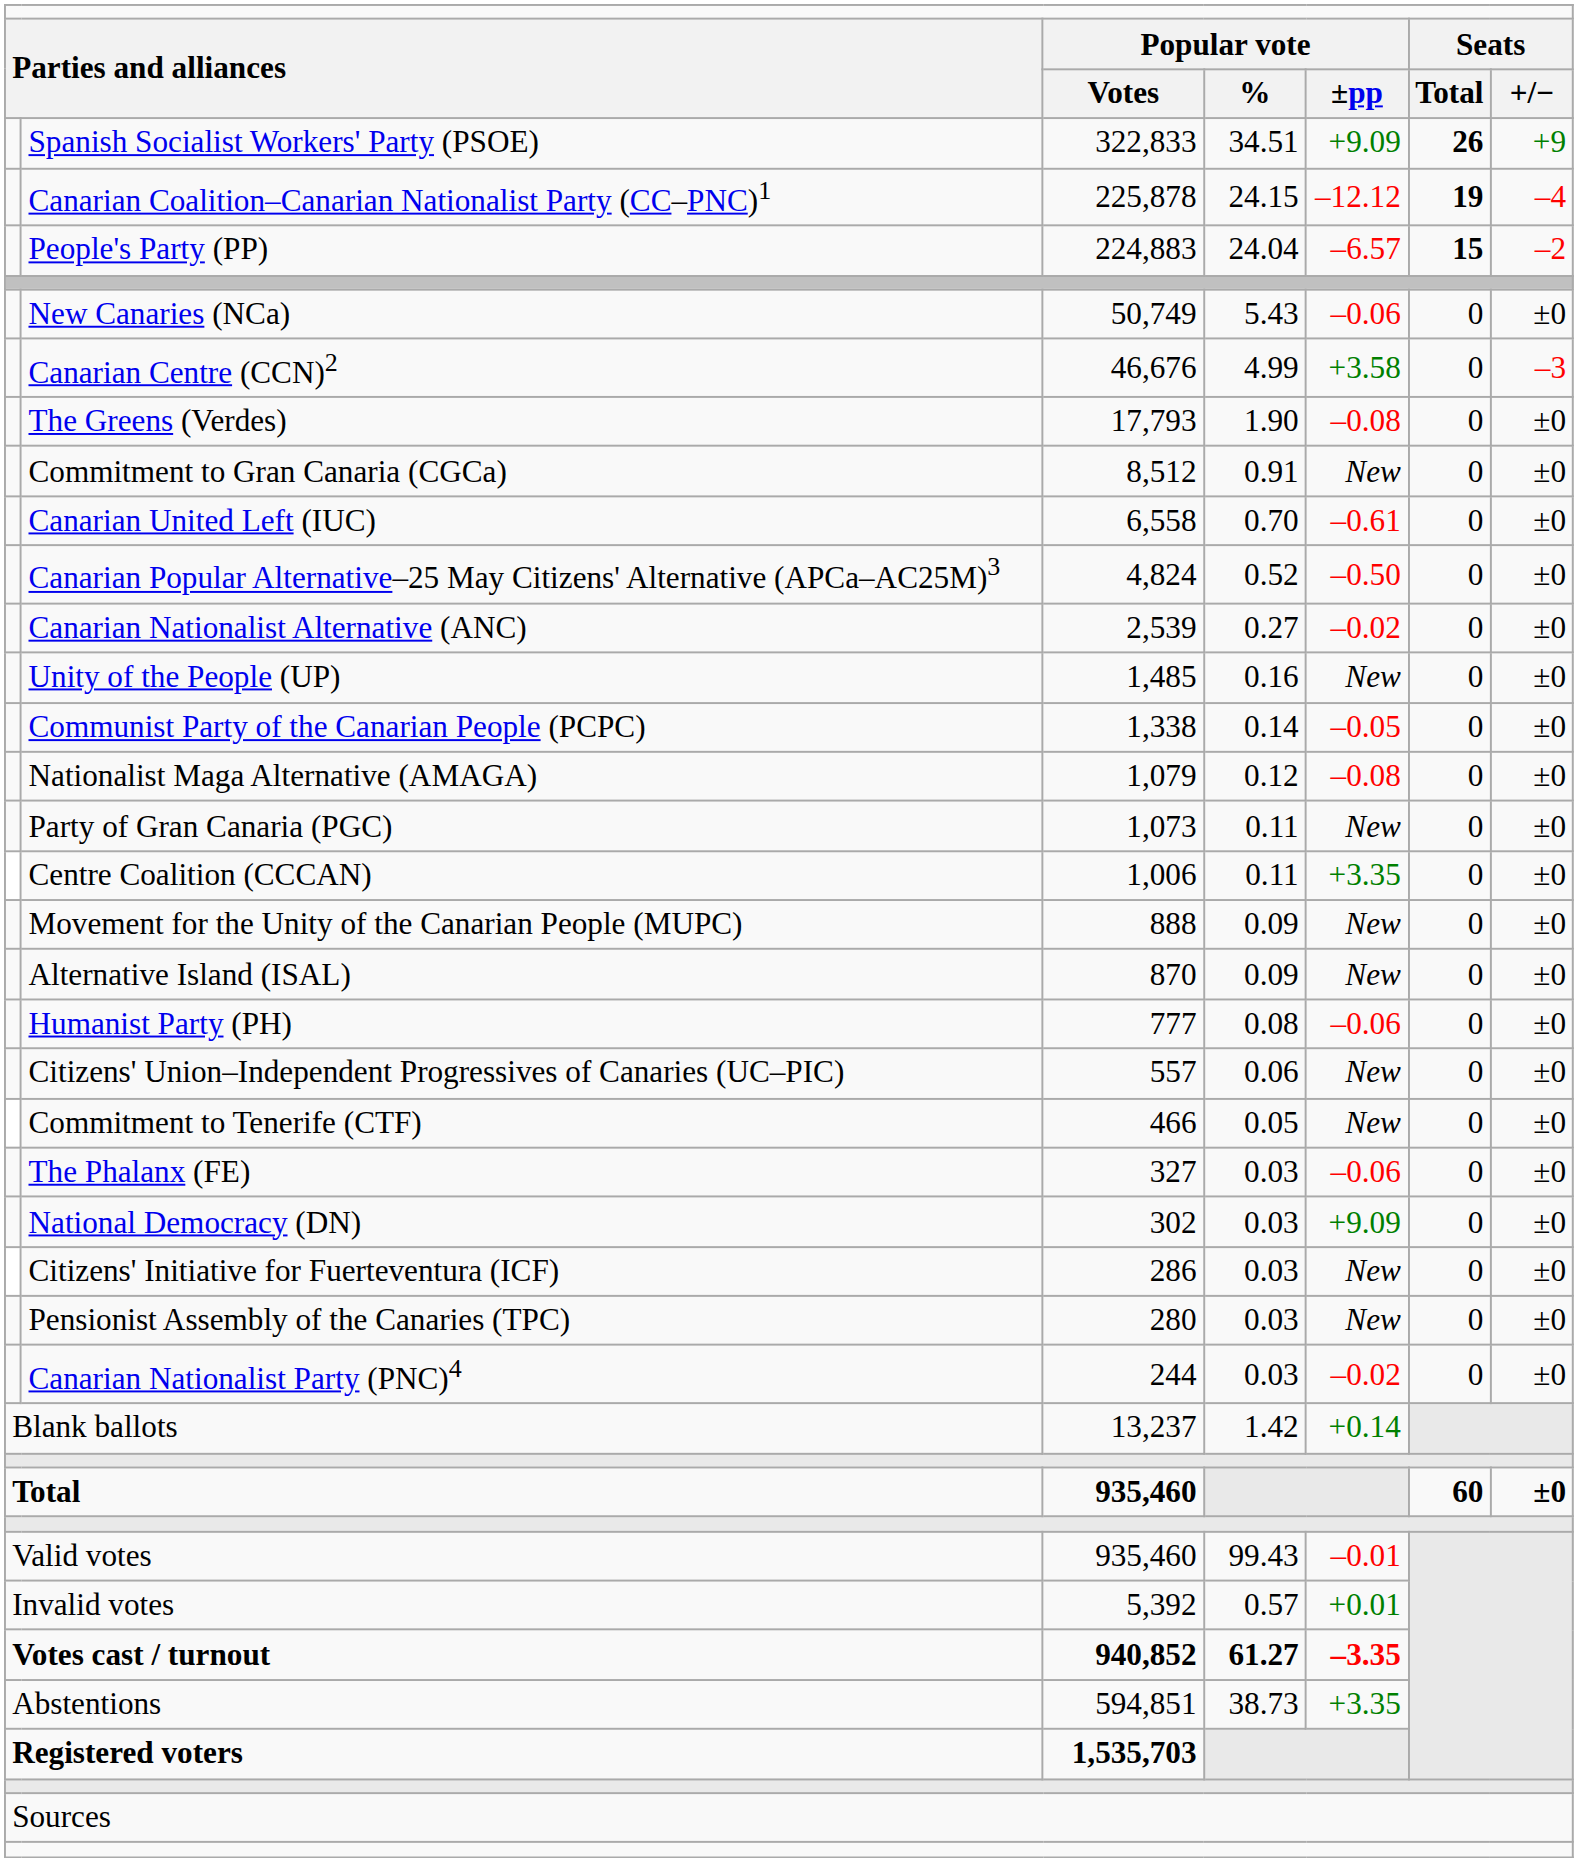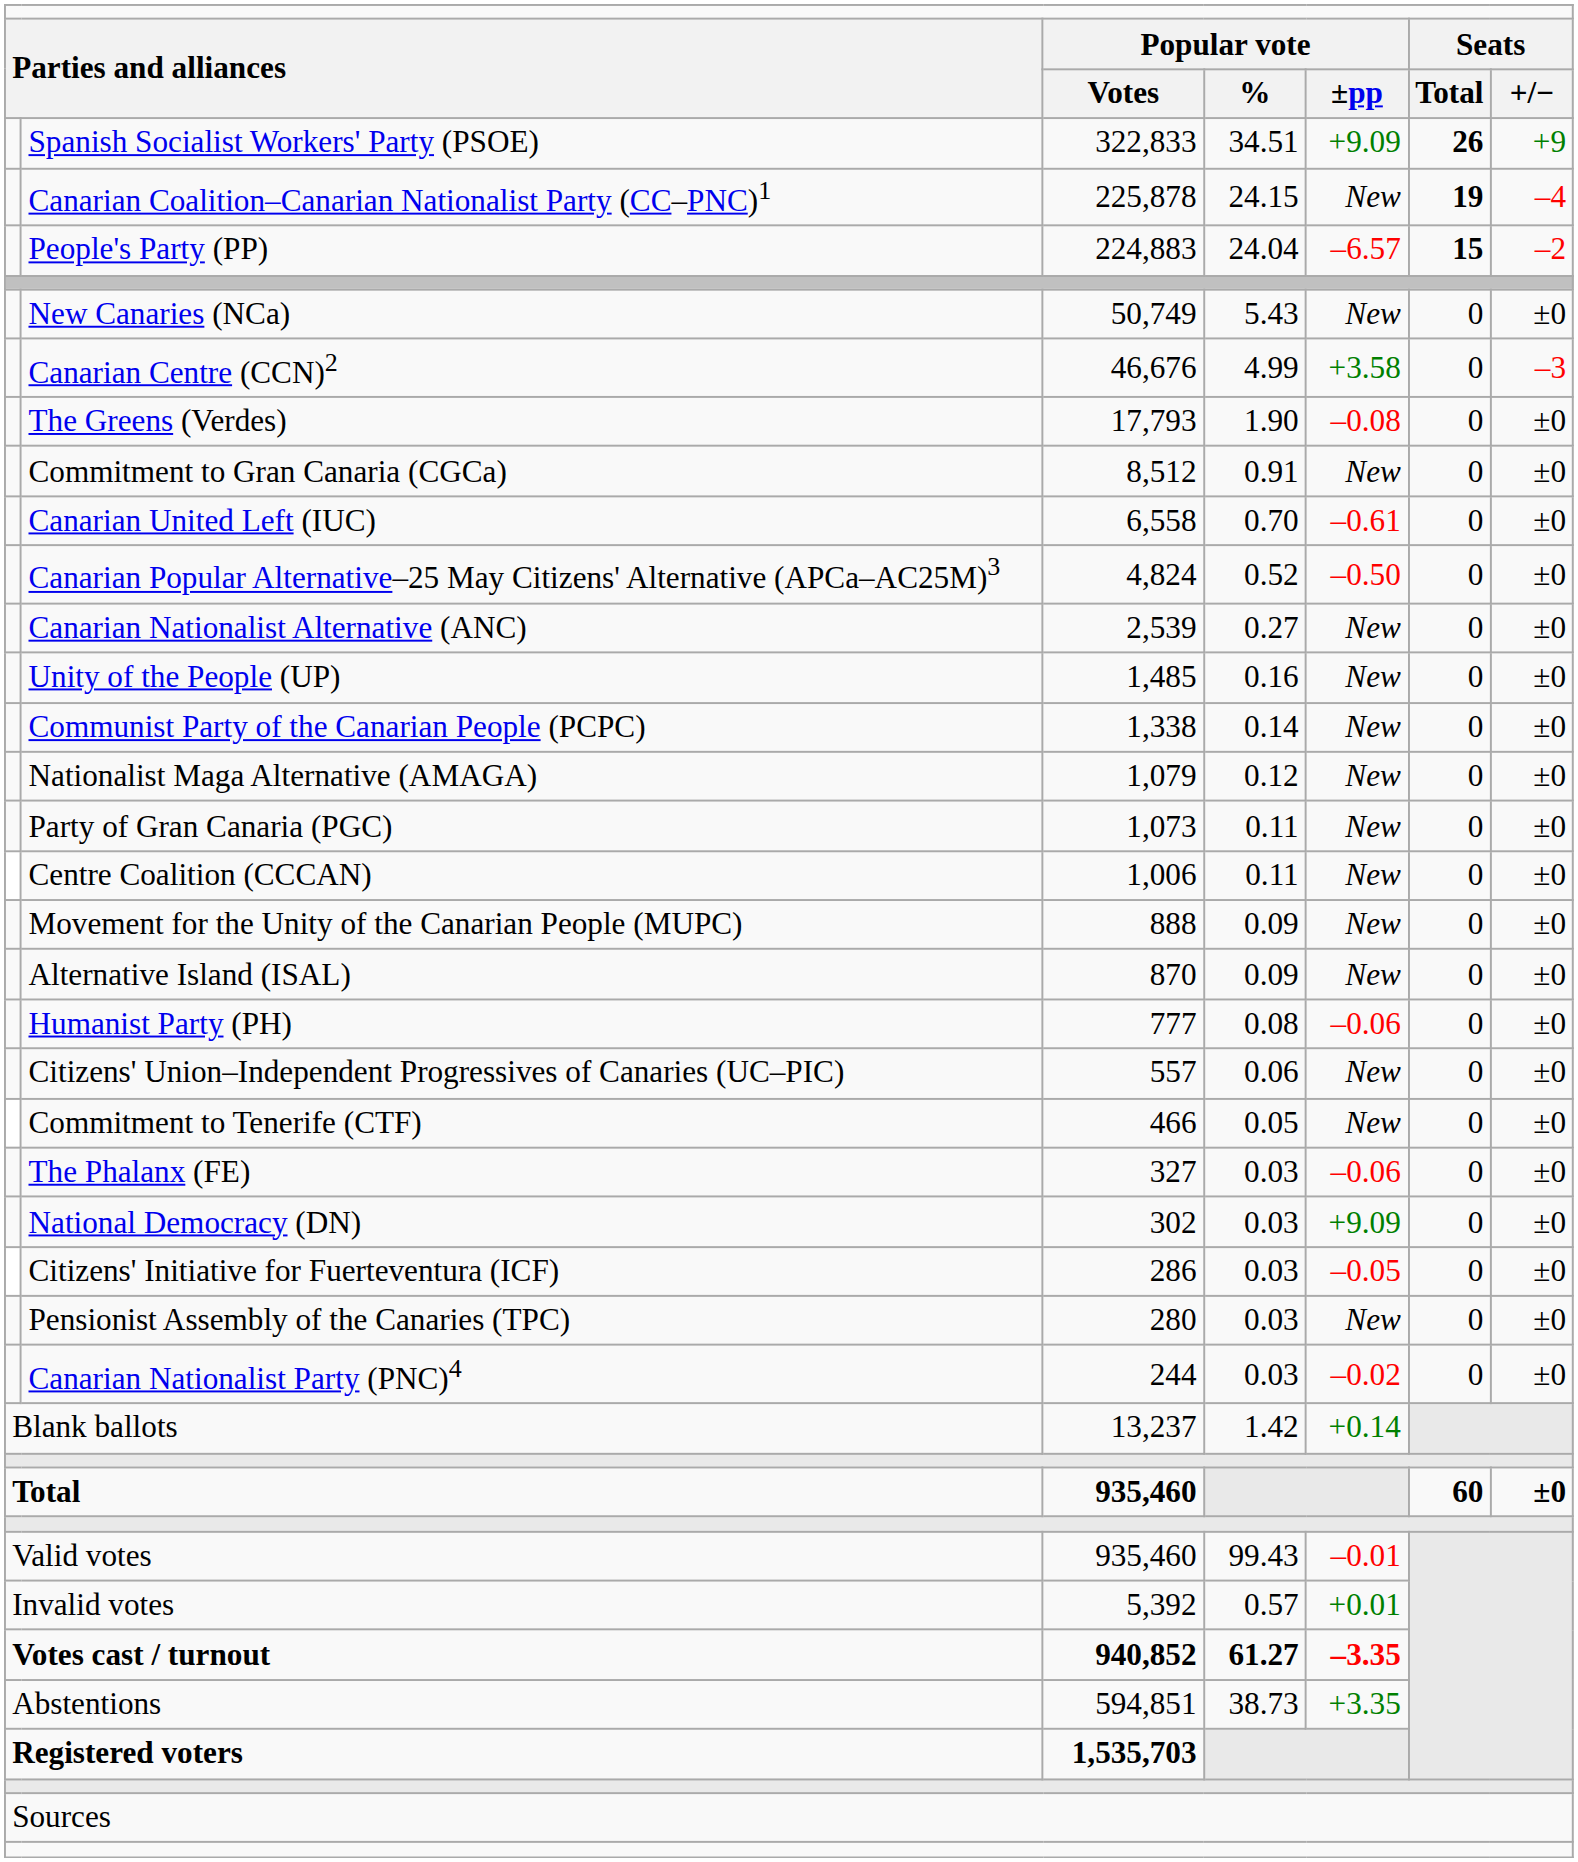 <table class="wikitable" style="text-align:right;">
 <tr>
 <td colspan="7"></td>
 </tr>
 <tr>
 <th style="text-align:left;" rowspan="2" colspan="2" width="525">Parties and alliances</th>
 <th colspan="3">Popular vote</th>
 <th colspan="2">Seats</th>
 </tr>
 <tr>
 <th width="75">Votes</th>
 <th width="45">%</th>
 <th width="45">±<a href='#'>pp</a></th>
 <th width="35">Total</th>
 <th width="35">+/−</th>
 </tr>
 <tr>
 <td width="1" style="color:inherit;background:"></td>
 <td align="left"><a href='#'>Spanish Socialist Workers' Party</a> (PSOE)</td>
 <td>322,833</td>
 <td>34.51</td>
 <td style="color:green;">+9.09</td>
 <td><strong>26</strong></td>
 <td style="color:green;">+9</td>
 </tr>
 <tr>
 <td style="color:inherit;background:"></td>
 <td align="left"><a href='#'>Canarian Coalition–Canarian Nationalist Party</a> (<a href='#'>CC</a>–<a href='#'>PNC</a>)<sup>1</sup></td>
 <td>225,878</td>
 <td>24.15</td>
-<td style="color:red;">–12.12</td>
+<td><em>New</em></td>
 <td><strong>19</strong></td>
 <td style="color:red;">–4</td>
 </tr>
 <tr>
 <td style="color:inherit;background:"></td>
 <td align="left"><a href='#'>People's Party</a> (PP)</td>
 <td>224,883</td>
 <td>24.04</td>
 <td style="color:red;">–6.57</td>
 <td><strong>15</strong></td>
 <td style="color:red;">–2</td>
 </tr>
 <tr>
 <td colspan="7" bgcolor="#C0C0C0"></td>
 </tr>
 <tr>
 <td style="color:inherit;background:"></td>
 <td align="left"><a href='#'>New Canaries</a> (NCa)</td>
 <td>50,749</td>
 <td>5.43</td>
-<td style="color:red;">–0.06</td>
+<td><em>New</em></td>
 <td>0</td>
 <td>±0</td>
 </tr>
 <tr>
 <td style="color:inherit;background:"></td>
 <td align="left"><a href='#'>Canarian Centre</a> (CCN)<sup>2</sup></td>
 <td>46,676</td>
 <td>4.99</td>
 <td style="color:green;">+3.58</td>
 <td>0</td>
 <td style="color:red;">–3</td>
 </tr>
 <tr>
 <td style="color:inherit;background:"></td>
 <td align="left"><a href='#'>The Greens</a> (Verdes)</td>
 <td>17,793</td>
 <td>1.90</td>
 <td style="color:red;">–0.08</td>
 <td>0</td>
 <td>±0</td>
 </tr>
 <tr>
 <td style="color:inherit;background:"></td>
 <td align="left">Commitment to Gran Canaria (CGCa)</td>
 <td>8,512</td>
 <td>0.91</td>
 <td><em>New</em></td>
 <td>0</td>
 <td>±0</td>
 </tr>
 <tr>
 <td style="color:inherit;background:"></td>
 <td align="left"><a href='#'>Canarian United Left</a> (IUC)</td>
 <td>6,558</td>
 <td>0.70</td>
 <td style="color:red;">–0.61</td>
 <td>0</td>
 <td>±0</td>
 </tr>
 <tr>
 <td style="color:inherit;background:"></td>
 <td align="left"><a href='#'>Canarian Popular Alternative</a>–25 May Citizens' Alternative (APCa–AC25M)<sup>3</sup></td>
 <td>4,824</td>
 <td>0.52</td>
 <td style="color:red;">–0.50</td>
 <td>0</td>
 <td>±0</td>
 </tr>
 <tr>
 <td style="color:inherit;background:"></td>
 <td align="left"><a href='#'>Canarian Nationalist Alternative</a> (ANC)</td>
 <td>2,539</td>
 <td>0.27</td>
-<td style="color:red;">–0.02</td>
+<td><em>New</em></td>
 <td>0</td>
 <td>±0</td>
 </tr>
 <tr>
 <td style="color:inherit;background:"></td>
 <td align="left"><a href='#'>Unity of the People</a> (UP)</td>
 <td>1,485</td>
 <td>0.16</td>
 <td><em>New</em></td>
 <td>0</td>
 <td>±0</td>
 </tr>
 <tr>
 <td style="color:inherit;background:"></td>
 <td align="left"><a href='#'>Communist Party of the Canarian People</a> (PCPC)</td>
 <td>1,338</td>
 <td>0.14</td>
-<td style="color:red;">–0.05</td>
+<td><em>New</em></td>
 <td>0</td>
 <td>±0</td>
 </tr>
 <tr>
 <td style="color:inherit;background:"></td>
 <td align="left">Nationalist Maga Alternative (AMAGA)</td>
 <td>1,079</td>
 <td>0.12</td>
-<td style="color:red;">–0.08</td>
+<td><em>New</em></td>
 <td>0</td>
 <td>±0</td>
 </tr>
 <tr>
 <td style="color:inherit;background:"></td>
 <td align="left">Party of Gran Canaria (PGC)</td>
 <td>1,073</td>
 <td>0.11</td>
 <td><em>New</em></td>
 <td>0</td>
 <td>±0</td>
 </tr>
 <tr>
 <td bgcolor="white"></td>
 <td align="left">Centre Coalition (CCCAN)</td>
 <td>1,006</td>
 <td>0.11</td>
-<td style="color:green;">+3.35</td>
+<td><em>New</em></td>
 <td>0</td>
 <td>±0</td>
 </tr>
 <tr>
 <td style="color:inherit;background:"></td>
 <td align="left">Movement for the Unity of the Canarian People (MUPC)</td>
 <td>888</td>
 <td>0.09</td>
 <td><em>New</em></td>
 <td>0</td>
 <td>±0</td>
 </tr>
 <tr>
 <td style="color:inherit;background:"></td>
 <td align="left">Alternative Island (ISAL)</td>
 <td>870</td>
 <td>0.09</td>
 <td><em>New</em></td>
 <td>0</td>
 <td>±0</td>
 </tr>
 <tr>
 <td style="color:inherit;background:"></td>
 <td align="left"><a href='#'>Humanist Party</a> (PH)</td>
 <td>777</td>
 <td>0.08</td>
 <td style="color:red;">–0.06</td>
 <td>0</td>
 <td>±0</td>
 </tr>
 <tr>
 <td style="color:inherit;background:"></td>
 <td align="left">Citizens' Union–Independent Progressives of Canaries (UC–PIC)</td>
 <td>557</td>
 <td>0.06</td>
 <td><em>New</em></td>
 <td>0</td>
 <td>±0</td>
 </tr>
 <tr>
 <td bgcolor="white"></td>
 <td align="left">Commitment to Tenerife (CTF)</td>
 <td>466</td>
 <td>0.05</td>
 <td><em>New</em></td>
 <td>0</td>
 <td>±0</td>
 </tr>
 <tr>
 <td style="color:inherit;background:"></td>
 <td align="left"><a href='#'>The Phalanx</a> (FE)</td>
 <td>327</td>
 <td>0.03</td>
 <td style="color:red;">–0.06</td>
 <td>0</td>
 <td>±0</td>
 </tr>
 <tr>
 <td style="color:inherit;background:"></td>
 <td align="left"><a href='#'>National Democracy</a> (DN)</td>
 <td>302</td>
 <td>0.03</td>
 <td style="color:green;">+9.09</td>
 <td>0</td>
 <td>±0</td>
 </tr>
 <tr>
 <td bgcolor="white"></td>
 <td align="left">Citizens' Initiative for Fuerteventura (ICF)</td>
 <td>286</td>
 <td>0.03</td>
-<td><em>New</em></td>
+<td style="color:red;">–0.05</td>
 <td>0</td>
 <td>±0</td>
 </tr>
 <tr>
 <td style="color:inherit;background:"></td>
 <td align="left">Pensionist Assembly of the Canaries (TPC)</td>
 <td>280</td>
 <td>0.03</td>
 <td><em>New</em></td>
 <td>0</td>
 <td>±0</td>
 </tr>
 <tr>
 <td style="color:inherit;background:"></td>
 <td align="left"><a href='#'>Canarian Nationalist Party</a> (PNC)<sup>4</sup></td>
 <td>244</td>
 <td>0.03</td>
 <td style="color:red;">–0.02</td>
 <td>0</td>
 <td>±0</td>
 </tr>
 <tr>
 <td align="left" colspan="2">Blank ballots</td>
 <td>13,237</td>
 <td>1.42</td>
 <td style="color:green;">+0.14</td>
 <td bgcolor="#E9E9E9" colspan="2"></td>
 </tr>
 <tr>
 <td colspan="7" bgcolor="#E9E9E9"></td>
 </tr>
 <tr style="font-weight:bold;">
 <td align="left" colspan="2">Total</td>
 <td>935,460</td>
 <td bgcolor="#E9E9E9" colspan="2"></td>
 <td>60</td>
 <td>±0</td>
 </tr>
 <tr>
 <td colspan="7" bgcolor="#E9E9E9"></td>
 </tr>
 <tr>
 <td align="left" colspan="2">Valid votes</td>
 <td>935,460</td>
 <td>99.43</td>
 <td style="color:red;">–0.01</td>
 <td bgcolor="#E9E9E9" colspan="2" rowspan="5"></td>
 </tr>
 <tr>
 <td align="left" colspan="2">Invalid votes</td>
 <td>5,392</td>
 <td>0.57</td>
 <td style="color:green;">+0.01</td>
 </tr>
 <tr style="font-weight:bold;">
 <td align="left" colspan="2">Votes cast / turnout</td>
 <td>940,852</td>
 <td>61.27</td>
 <td style="color:red;">–3.35</td>
 </tr>
 <tr>
 <td align="left" colspan="2">Abstentions</td>
 <td>594,851</td>
 <td>38.73</td>
 <td style="color:green;">+3.35</td>
 </tr>
 <tr style="font-weight:bold;">
 <td align="left" colspan="2">Registered voters</td>
 <td>1,535,703</td>
 <td bgcolor="#E9E9E9" colspan="2"></td>
 </tr>
 <tr>
 <td colspan="7" bgcolor="#E9E9E9"></td>
 </tr>
 <tr>
 <td align="left" colspan="7">Sources</td>
 </tr>
 <tr>
 <td colspan="7" style="text-align:left; max-width:790px;"></td>
 </tr>
 </table>
